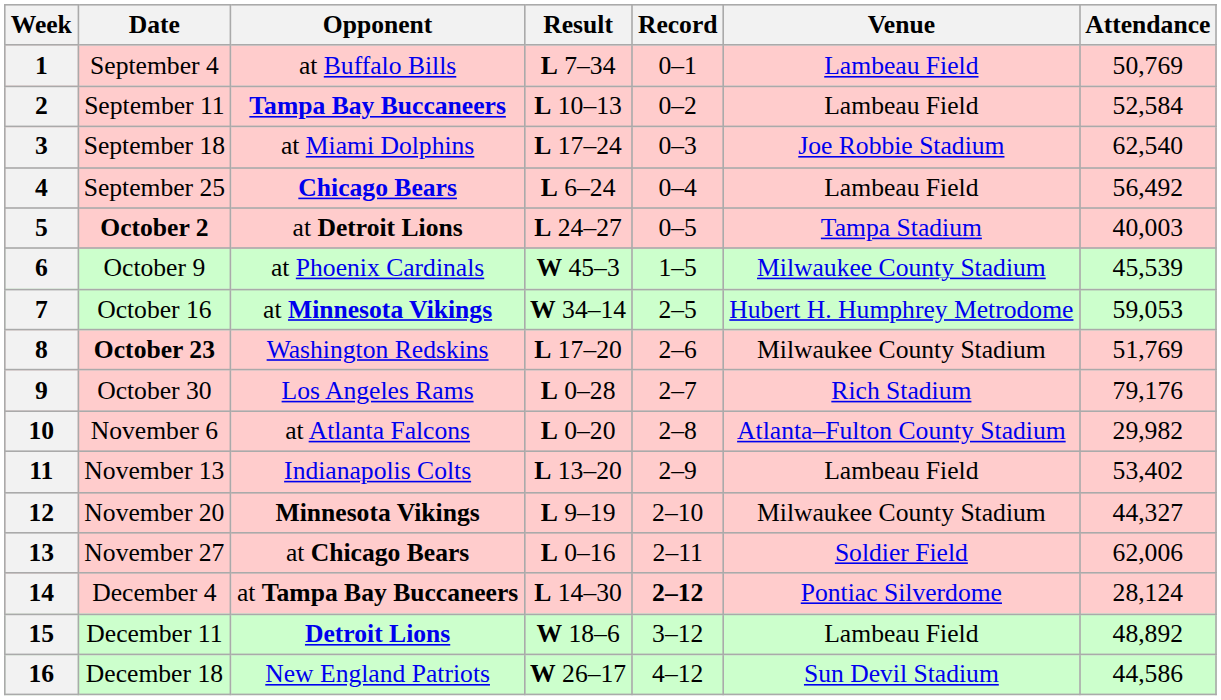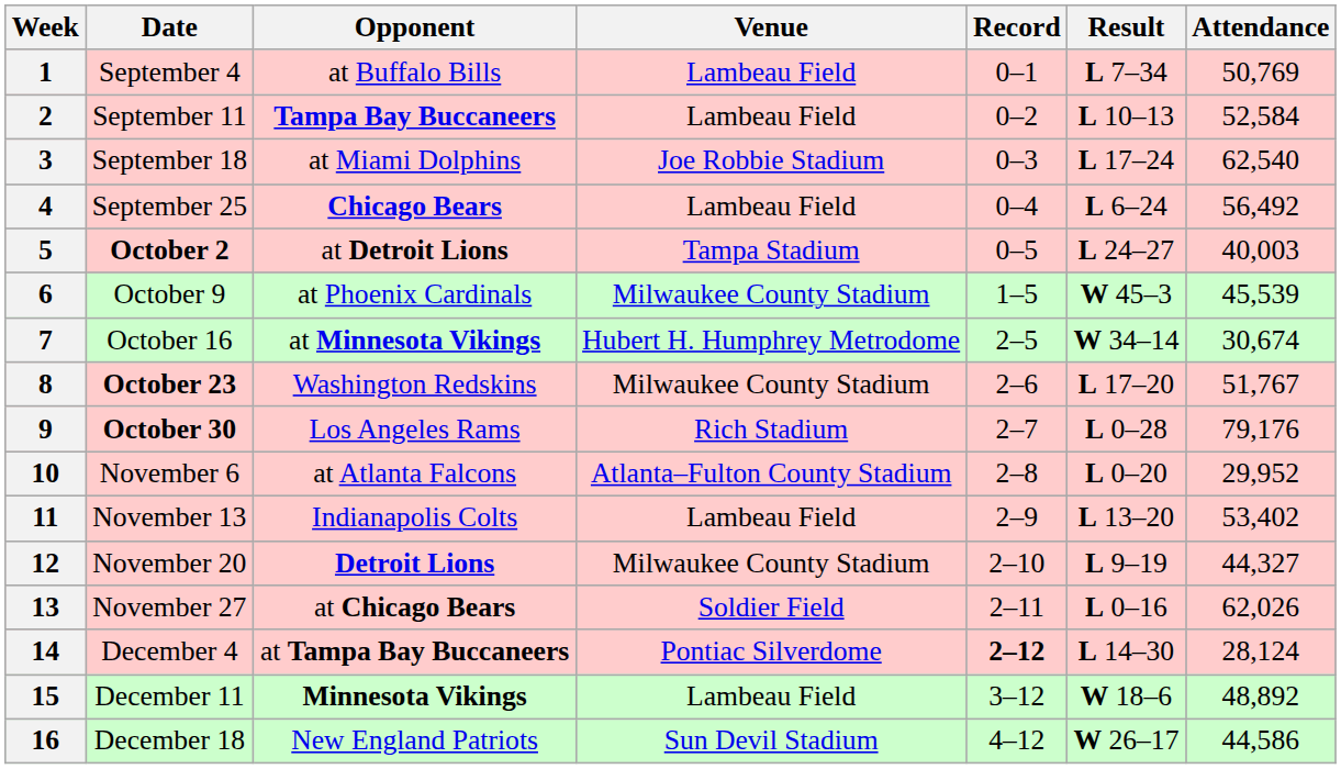 <table class="wikitable" style="text-align:center">
 <tr>
 <th>Week</th>
 <th>Date</th>
 <th>Opponent</th>
+<th>Venue</th>
+<th>Record</th>
 <th>Result</th>
-<th>Record</th>
-<th>Venue</th>
 <th>Attendance</th>
 </tr>
 <tr style="background:#fcc">
 <th>1</th>
 <td>September 4</td>
 <td>at <a href='#'>Buffalo Bills</a></td>
+<td><a href='#'>Lambeau Field</a></td>
+<td>0–1</td>
 <td><strong>L</strong> 7–34</td>
-<td>0–1</td>
-<td><a href='#'>Lambeau Field</a></td>
 <td>50,769</td>
 </tr>
 <tr style="background:#fcc">
 <th>2</th>
 <td>September 11</td>
 <td><strong><a href='#'>Tampa Bay Buccaneers</a></strong></td>
+<td>Lambeau Field</td>
+<td>0–2</td>
 <td><strong>L</strong> 10–13</td>
-<td>0–2</td>
-<td>Lambeau Field</td>
 <td>52,584</td>
 </tr>
 <tr style="background:#fcc">
 <th>3</th>
 <td>September 18</td>
 <td>at <a href='#'>Miami Dolphins</a></td>
+<td><a href='#'>Joe Robbie Stadium</a></td>
+<td>0–3</td>
 <td><strong>L</strong> 17–24</td>
-<td>0–3</td>
-<td><a href='#'>Joe Robbie Stadium</a></td>
 <td>62,540</td>
 </tr>
 <tr style="background:#fcc">
 <th>4</th>
 <td>September 25</td>
 <td><strong><a href='#'>Chicago Bears</a></strong></td>
+<td>Lambeau Field</td>
+<td>0–4</td>
 <td><strong>L</strong> 6–24</td>
-<td>0–4</td>
-<td>Lambeau Field</td>
 <td>56,492</td>
 </tr>
 <tr style="background:#fcc">
 <th>5</th>
 <td><strong>October 2</strong></td>
 <td>at <strong>Detroit Lions</strong></td>
+<td><a href='#'>Tampa Stadium</a></td>
+<td>0–5</td>
 <td><strong>L</strong> 24–27</td>
-<td>0–5</td>
-<td><a href='#'>Tampa Stadium</a></td>
 <td>40,003</td>
 </tr>
 <tr style="background:#cfc">
 <th>6</th>
 <td>October 9</td>
 <td>at <a href='#'>Phoenix Cardinals</a></td>
+<td><a href='#'>Milwaukee County Stadium</a></td>
+<td>1–5</td>
 <td><strong>W</strong> 45–3</td>
-<td>1–5</td>
-<td><a href='#'>Milwaukee County Stadium</a></td>
 <td>45,539</td>
 </tr>
 <tr style="background:#cfc">
 <th>7</th>
 <td>October 16</td>
 <td>at <strong><a href='#'>Minnesota Vikings</a></strong></td>
+<td><a href='#'>Hubert H. Humphrey Metrodome</a></td>
+<td>2–5</td>
 <td><strong>W</strong> 34–14</td>
-<td>2–5</td>
-<td><a href='#'>Hubert H. Humphrey Metrodome</a></td>
-<td>59,053</td>
+<td>30,674</td>
 </tr>
 <tr style="background:#fcc">
 <th>8</th>
 <td><strong>October 23</strong></td>
 <td><a href='#'>Washington Redskins</a></td>
+<td>Milwaukee County Stadium</td>
+<td>2–6</td>
 <td><strong>L</strong> 17–20</td>
-<td>2–6</td>
-<td>Milwaukee County Stadium</td>
-<td>51,769</td>
+<td>51,767</td>
 </tr>
 <tr style="background:#fcc">
 <th>9</th>
-<td>October 30</td>
+<td><strong>October 30</strong></td>
 <td><a href='#'>Los Angeles Rams</a></td>
+<td><a href='#'>Rich Stadium</a></td>
+<td>2–7</td>
 <td><strong>L</strong> 0–28</td>
-<td>2–7</td>
-<td><a href='#'>Rich Stadium</a></td>
 <td>79,176</td>
 </tr>
 <tr style="background:#fcc">
 <th>10</th>
 <td>November 6</td>
 <td>at <a href='#'>Atlanta Falcons</a></td>
+<td><a href='#'>Atlanta–Fulton County Stadium</a></td>
+<td>2–8</td>
 <td><strong>L</strong> 0–20</td>
-<td>2–8</td>
-<td><a href='#'>Atlanta–Fulton County Stadium</a></td>
-<td>29,982</td>
+<td>29,952</td>
 </tr>
 <tr style="background:#fcc">
 <th>11</th>
 <td>November 13</td>
 <td><a href='#'>Indianapolis Colts</a></td>
+<td>Lambeau Field</td>
+<td>2–9</td>
 <td><strong>L</strong> 13–20</td>
-<td>2–9</td>
-<td>Lambeau Field</td>
 <td>53,402</td>
 </tr>
 <tr style="background:#fcc">
 <th>12</th>
 <td>November 20</td>
-<td><strong>Minnesota Vikings</strong></td>
+<td><strong><a href='#'>Detroit Lions</a></strong></td>
+<td>Milwaukee County Stadium</td>
+<td>2–10</td>
 <td><strong>L</strong> 9–19</td>
-<td>2–10</td>
-<td>Milwaukee County Stadium</td>
 <td>44,327</td>
 </tr>
 <tr style="background:#fcc">
 <th>13</th>
 <td>November 27</td>
 <td>at <strong>Chicago Bears</strong></td>
+<td><a href='#'>Soldier Field</a></td>
+<td>2–11</td>
 <td><strong>L</strong> 0–16</td>
-<td>2–11</td>
-<td><a href='#'>Soldier Field</a></td>
-<td>62,006</td>
+<td>62,026</td>
 </tr>
 <tr style="background:#fcc">
 <th>14</th>
 <td>December 4</td>
 <td>at <strong>Tampa Bay Buccaneers</strong></td>
+<td><a href='#'>Pontiac Silverdome</a></td>
+<td><strong>2–12</strong></td>
 <td><strong>L</strong> 14–30</td>
-<td><strong>2–12</strong></td>
-<td><a href='#'>Pontiac Silverdome</a></td>
 <td>28,124</td>
 </tr>
 <tr style="background:#cfc">
 <th>15</th>
 <td>December 11</td>
-<td><strong><a href='#'>Detroit Lions</a></strong></td>
+<td><strong>Minnesota Vikings</strong></td>
+<td>Lambeau Field</td>
+<td>3–12</td>
 <td><strong>W</strong> 18–6</td>
-<td>3–12</td>
-<td>Lambeau Field</td>
 <td>48,892</td>
 </tr>
 <tr style="background:#cfc">
 <th>16</th>
 <td>December 18</td>
 <td><a href='#'>New England Patriots</a></td>
+<td><a href='#'>Sun Devil Stadium</a></td>
+<td>4–12</td>
 <td><strong>W</strong> 26–17</td>
-<td>4–12</td>
-<td><a href='#'>Sun Devil Stadium</a></td>
 <td>44,586</td>
 </tr>
 </table>
